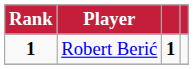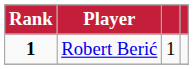 <table class="wikitable" style="text-align:center">
 <tr>
 </tr>
 <tr>
 <th style="background:#C41E3A; color:white; text-align:center;">Rank</th>
 <th style="background:#C41E3A; color:white; text-align:center;">Player</th>
 <th style="background:#C41E3A; color:white; text-align:center;"></th>
 <th style="background:#C41E3A; color:white; text-align:center;"></th>
 </tr>
 <tr>
 <td><strong>1</strong></td>
 <td> <a href='#'>Robert Berić</a></td>
-<td><strong>1</strong></td>
+<td>1</td>
 <td></td>
 </tr>
 <tr>
 </tr>
 </table>
